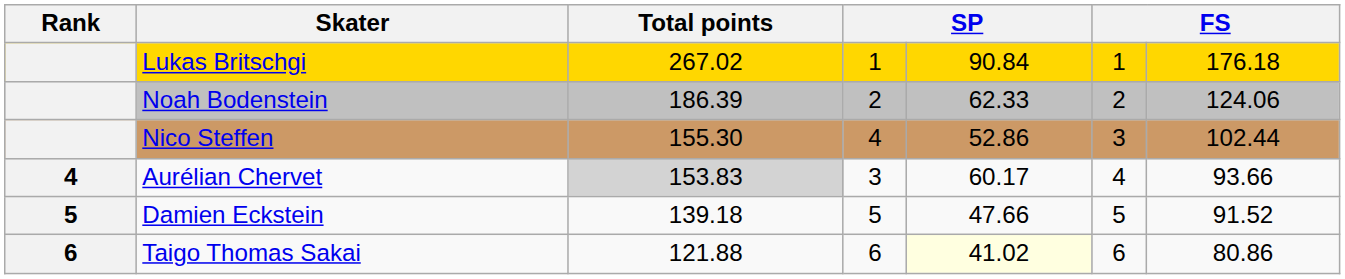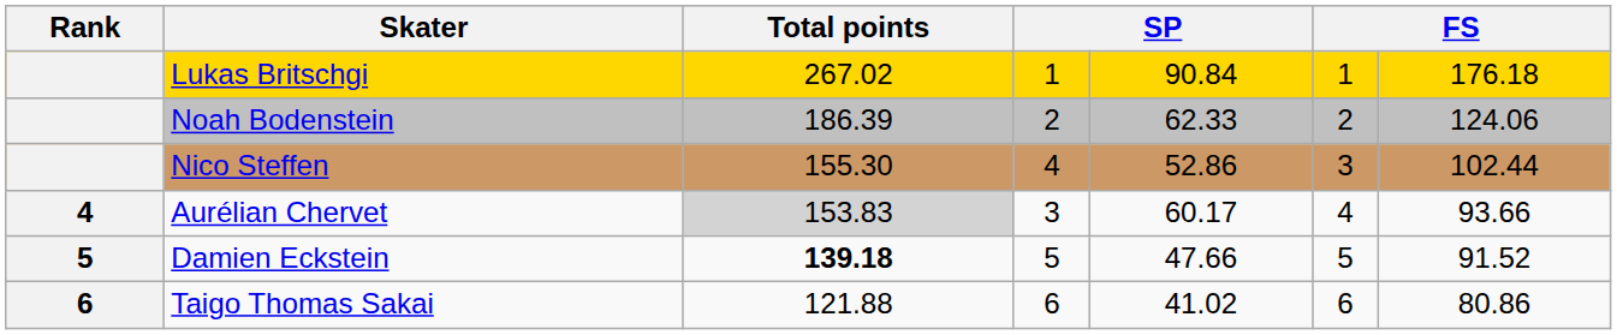 <table class="wikitable sortable" style="text-align:center;" width="70%">
 <tr>
 <th scope="col">Rank</th>
 <th scope="col">Skater</th>
 <th scope="col">Total points</th>
 <th scope="col" colspan="2" width="80px"><a href='#'>SP</a></th>
 <th scope="col" colspan="2" width="80px"><a href='#'>FS</a></th>
 </tr>
 <tr bgcolor="gold">
 <th scope="row"></th>
 <td align="left"><a href='#'>Lukas Britschgi</a></td>
 <td>267.02</td>
 <td>1</td>
 <td>90.84</td>
 <td>1</td>
 <td>176.18</td>
 </tr>
 <tr bgcolor="silver">
 <th scope="row"></th>
 <td align="left"><a href='#'>Noah Bodenstein</a></td>
 <td>186.39</td>
 <td>2</td>
 <td>62.33</td>
 <td>2</td>
 <td>124.06</td>
 </tr>
 <tr bgcolor="cc9966">
 <th scope="row"></th>
 <td align="left"><a href='#'>Nico Steffen</a></td>
 <td>155.30</td>
 <td>4</td>
 <td>52.86</td>
 <td>3</td>
 <td>102.44</td>
 </tr>
 <tr>
 <th scope="row">4</th>
 <td align="left"><a href='#'>Aurélian Chervet</a></td>
 <td style="background: lightgrey;">153.83</td>
 <td>3</td>
 <td>60.17</td>
 <td>4</td>
 <td>93.66</td>
 </tr>
 <tr>
 <th scope="row">5</th>
 <td align="left"><a href='#'>Damien Eckstein</a></td>
-<td>139.18</td>
+<td><strong>139.18</strong></td>
 <td>5</td>
 <td>47.66</td>
 <td>5</td>
 <td>91.52</td>
 </tr>
 <tr>
 <th scope="row">6</th>
 <td align="left"><a href='#'>Taigo Thomas Sakai</a></td>
 <td>121.88</td>
 <td>6</td>
-<td style="background: lightyellow;">41.02</td>
+<td>41.02</td>
 <td>6</td>
 <td>80.86</td>
 </tr>
 </table>
